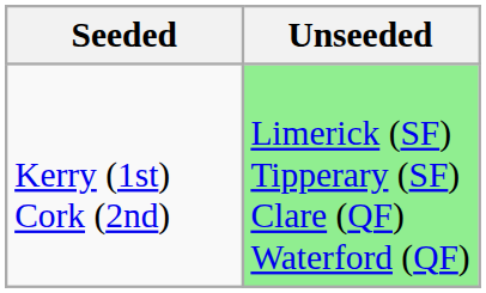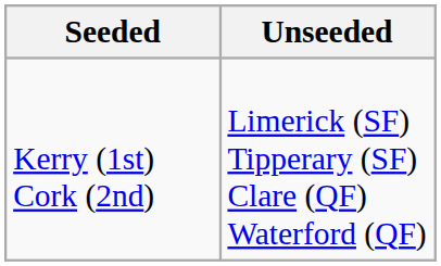 <table class="wikitable" style="font-size:80%">
 <tr>
 <th width="50%">Seeded</th>
 <th width="50%">Unseeded</th>
 </tr>
 <tr>
 <td><br> <a href='#'>Kerry</a> (<a href='#'>1st</a>)<br> <a href='#'>Cork</a> (<a href='#'>2nd</a>)</td>
-<td style="background: lightgreen;"><br> <a href='#'>Limerick</a> (<a href='#'>SF</a>)<br> <a href='#'>Tipperary</a> (<a href='#'>SF</a>)<br> <a href='#'>Clare</a> (<a href='#'>QF</a>)<br> <a href='#'>Waterford</a> (<a href='#'>QF</a>)</td>
+<td><br> <a href='#'>Limerick</a> (<a href='#'>SF</a>)<br> <a href='#'>Tipperary</a> (<a href='#'>SF</a>)<br> <a href='#'>Clare</a> (<a href='#'>QF</a>)<br> <a href='#'>Waterford</a> (<a href='#'>QF</a>)</td>
 </tr>
 </table>
